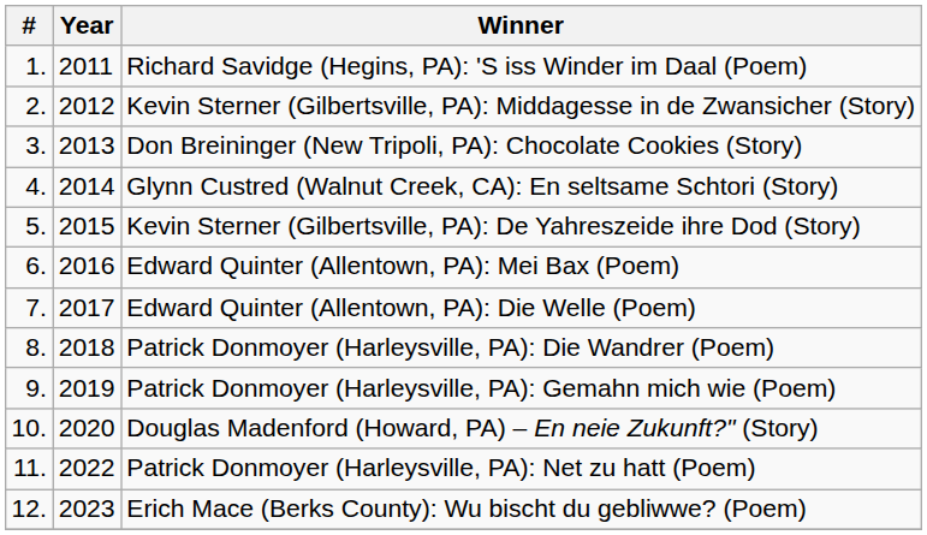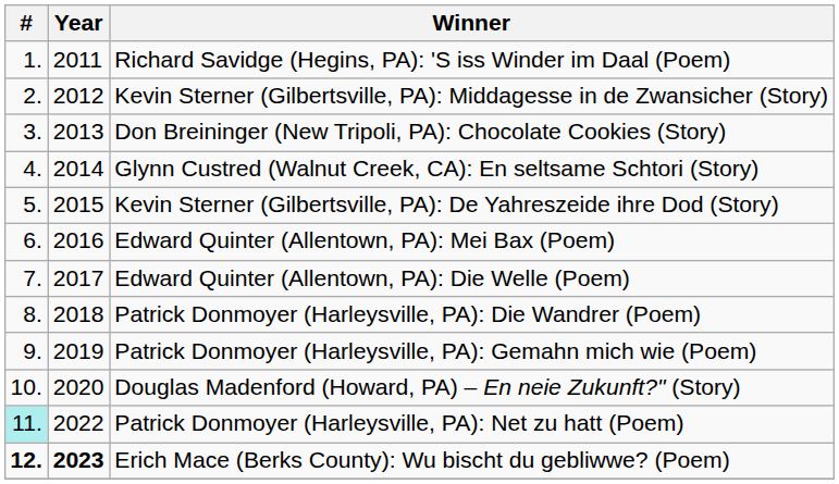 <table class="wikitable">
 <tr>
 <th>#</th>
 <th>Year</th>
 <th>Winner</th>
 </tr>
 <tr>
 <td align="right">1.</td>
 <td>2011</td>
 <td>Richard Savidge (Hegins, PA): 'S iss Winder im Daal (Poem)</td>
 </tr>
 <tr>
 <td align="right">2.</td>
 <td>2012</td>
 <td>Kevin Sterner (Gilbertsville, PA): Middagesse in de Zwansicher (Story)</td>
 </tr>
 <tr>
 <td align="right">3.</td>
 <td>2013</td>
 <td>Don Breininger (New Tripoli, PA): Chocolate Cookies (Story)</td>
 </tr>
 <tr>
 <td align="right">4.</td>
 <td>2014</td>
 <td>Glynn Custred (Walnut Creek, CA): En seltsame Schtori (Story)</td>
 </tr>
 <tr>
 <td align="right">5.</td>
 <td>2015</td>
 <td>Kevin Sterner (Gilbertsville, PA): De Yahreszeide ihre Dod (Story)</td>
 </tr>
 <tr>
 <td align="right">6.</td>
 <td>2016</td>
 <td>Edward Quinter (Allentown, PA): Mei Bax (Poem)</td>
 </tr>
 <tr>
 <td align="right">7.</td>
 <td>2017</td>
 <td>Edward Quinter (Allentown, PA): Die Welle (Poem)</td>
 </tr>
 <tr>
 <td align="right">8.</td>
 <td>2018</td>
 <td>Patrick Donmoyer (Harleysville, PA): Die Wandrer (Poem)</td>
 </tr>
 <tr>
 <td align="right">9.</td>
 <td>2019</td>
 <td>Patrick Donmoyer (Harleysville, PA): Gemahn mich wie (Poem)</td>
 </tr>
 <tr>
 <td align="right">10.</td>
 <td>2020</td>
 <td>Douglas Madenford (Howard, PA) – <em>En neie Zukunft?"</em> (Story)</td>
 </tr>
 <tr>
-<td align="right">11.</td>
+<td align="right" style="background: paleturquoise;">11.</td>
 <td>2022</td>
 <td>Patrick Donmoyer (Harleysville, PA): Net zu hatt (Poem)</td>
 </tr>
 <tr>
-<td align="right">12.</td>
-<td>2023</td>
+<td align="right"><strong>12.</strong></td>
+<td><strong>2023</strong></td>
 <td>Erich Mace (Berks County): Wu bischt du gebliwwe? (Poem)</td>
 </tr>
 <tr>
 </tr>
 </table>
